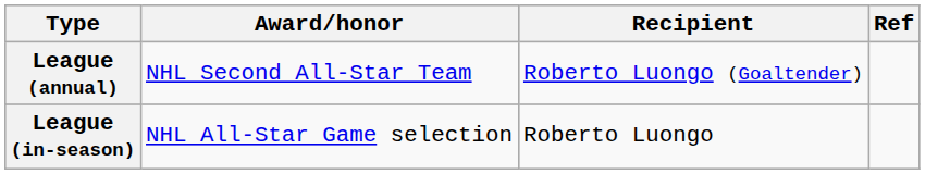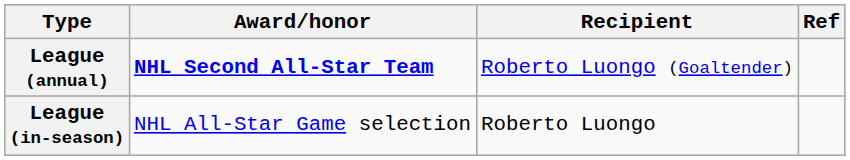 <table class="wikitable">
 <tr>
 <th scope="col">Type</th>
 <th scope="col">Award/honor</th>
 <th scope="col">Recipient</th>
 <th scope="col">Ref</th>
 </tr>
 <tr>
 <th scope="row">League<br><small>(annual)</small></th>
-<td><a href='#'>NHL Second All-Star Team</a></td>
+<td><strong><a href='#'>NHL Second All-Star Team</a></strong></td>
 <td><a href='#'>Roberto Luongo</a> <small>(<a href='#'>Goaltender</a>)</small></td>
 <td></td>
 </tr>
 <tr>
 <th scope="row">League<br><small>(in-season)</small></th>
 <td><a href='#'>NHL All-Star Game</a> selection</td>
 <td>Roberto Luongo</td>
 <td></td>
 </tr>
 </table>
